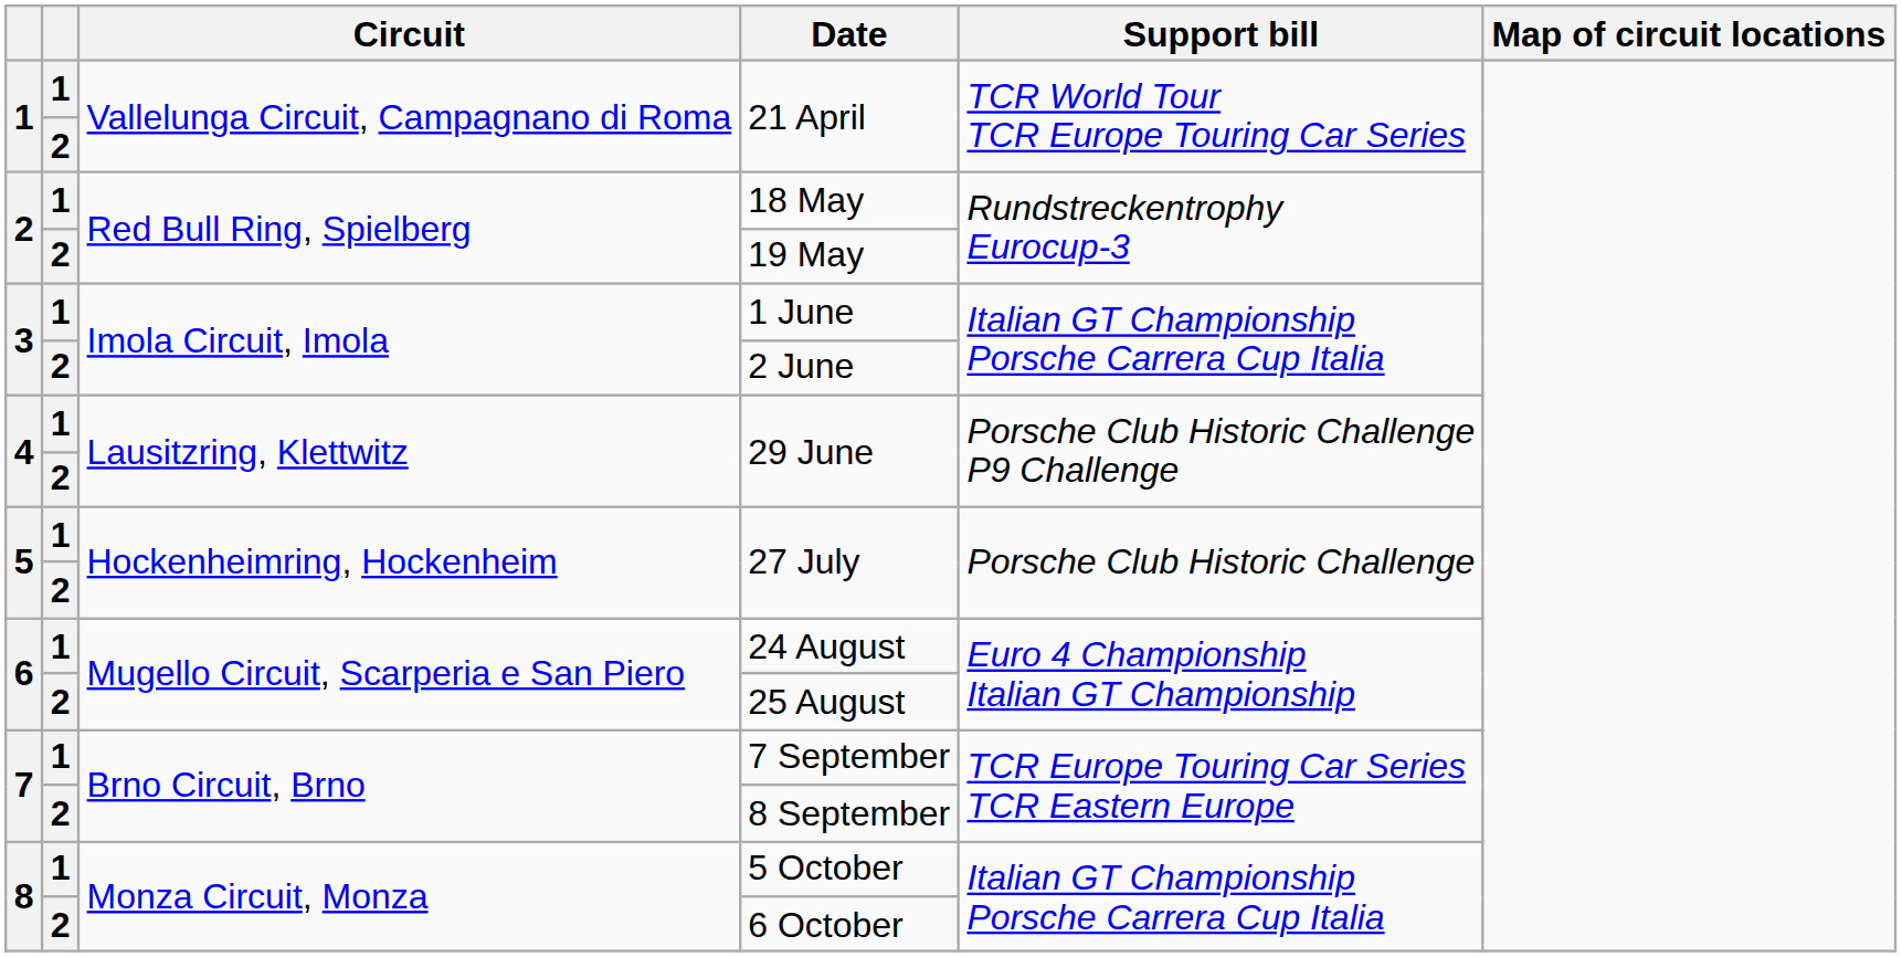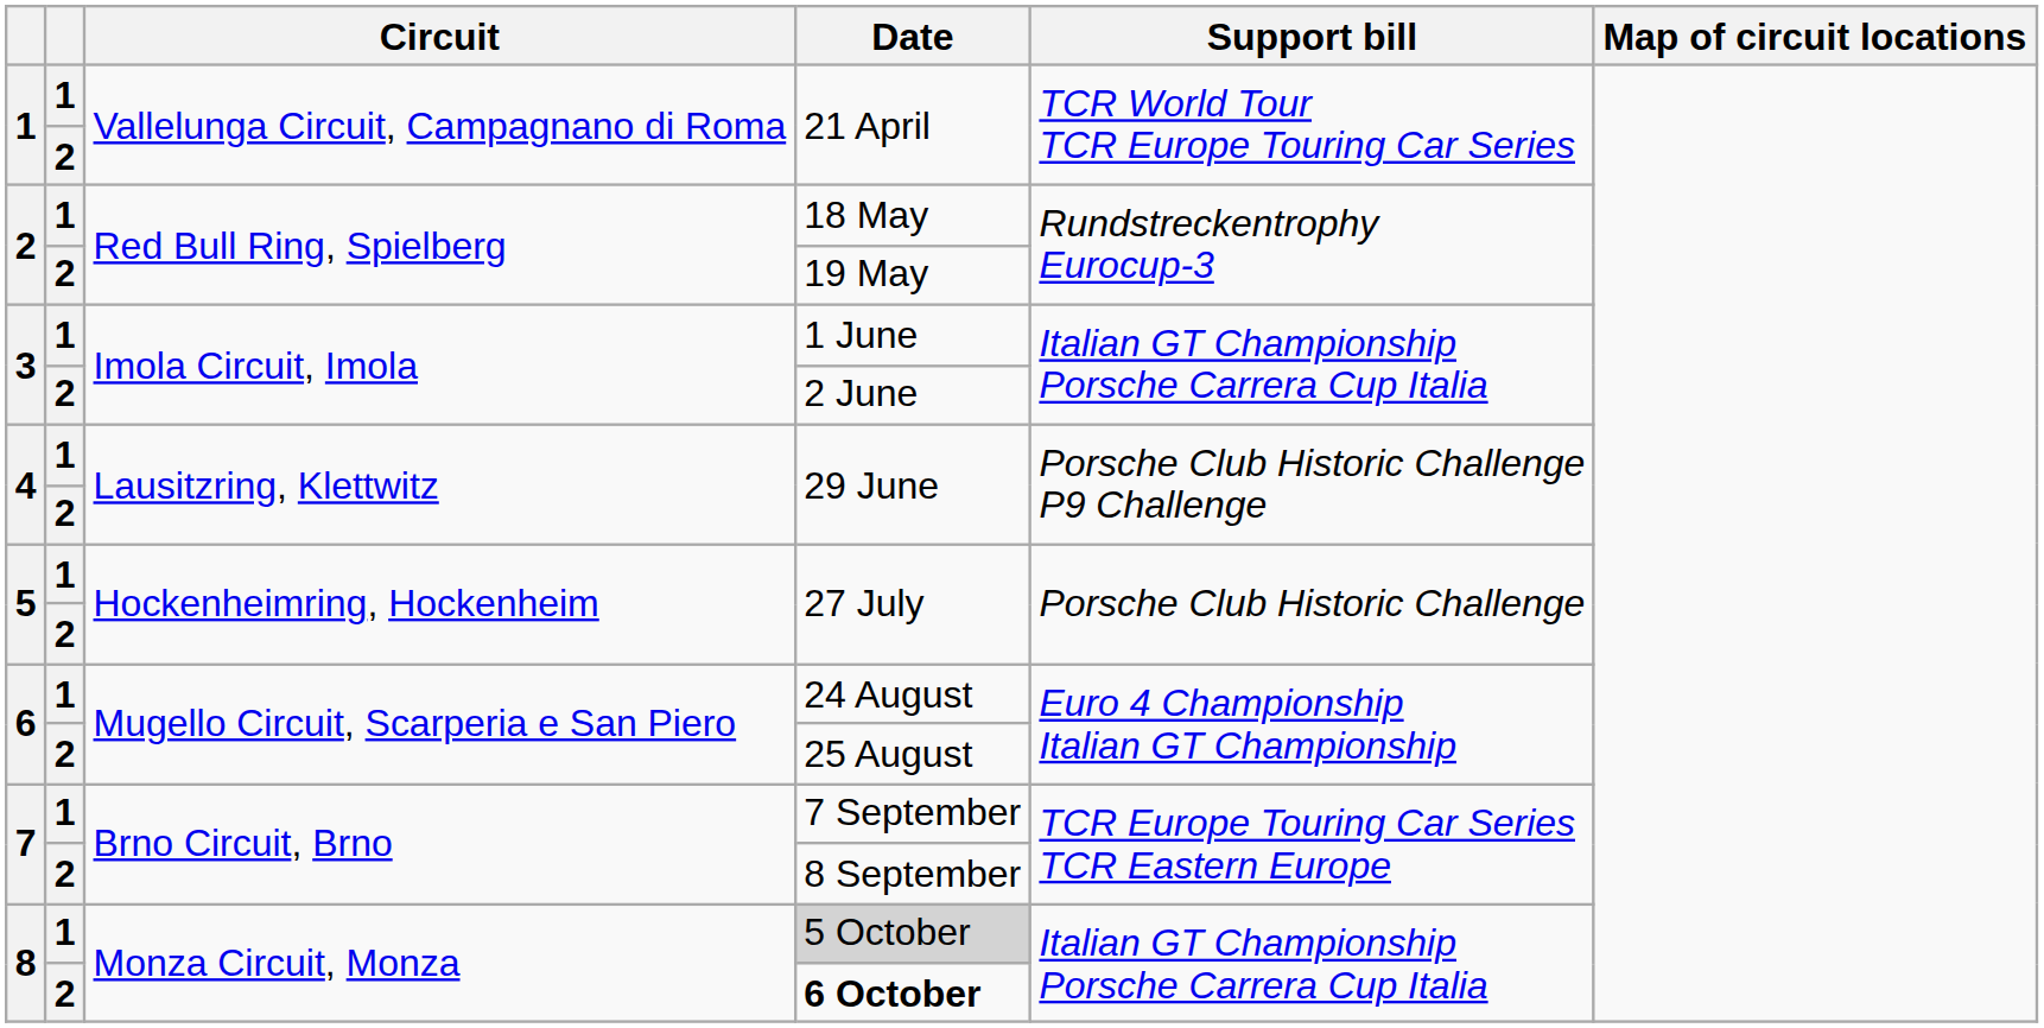 <table class="wikitable" style="font-size: 85%">
 <tr>
 <th></th>
 <th></th>
 <th>Circuit</th>
 <th>Date</th>
 <th>Support bill</th>
 <th>Map of circuit locations</th>
 </tr>
 <tr>
 <th rowspan="2">1</th>
 <th>1</th>
 <td rowspan="2"> <a href='#'>Vallelunga Circuit</a>, <a href='#'>Campagnano di Roma</a></td>
 <td rowspan="2">21 April</td>
 <td rowspan="2"><em><a href='#'>TCR World Tour</a><br><a href='#'>TCR Europe Touring Car Series</a></em></td>
 <td rowspan="16"></td>
 </tr>
 <tr>
 <th>2</th>
 </tr>
 <tr>
 <th rowspan="2">2</th>
 <th>1</th>
 <td rowspan="2"> <a href='#'>Red Bull Ring</a>, <a href='#'>Spielberg</a></td>
 <td>18 May</td>
 <td rowspan="2"><em>Rundstreckentrophy<br><a href='#'>Eurocup-3</a></em></td>
 </tr>
 <tr>
 <th>2</th>
 <td>19 May</td>
 </tr>
 <tr>
 <th rowspan="2">3</th>
 <th>1</th>
 <td rowspan="2"> <a href='#'>Imola Circuit</a>, <a href='#'>Imola</a></td>
 <td>1 June</td>
 <td rowspan="2"><em><a href='#'>Italian GT Championship</a><br><a href='#'>Porsche Carrera Cup Italia</a></em></td>
 </tr>
 <tr>
 <th>2</th>
 <td>2 June</td>
 </tr>
 <tr>
 <th rowspan="2">4</th>
 <th>1</th>
 <td rowspan="2"> <a href='#'>Lausitzring</a>, <a href='#'>Klettwitz</a></td>
 <td rowspan="2">29 June</td>
 <td rowspan="2"><em>Porsche Club Historic Challenge<br>P9 Challenge</em></td>
 </tr>
 <tr>
 <th>2</th>
 </tr>
 <tr>
 <th rowspan="2">5</th>
 <th>1</th>
 <td rowspan="2"> <a href='#'>Hockenheimring</a>, <a href='#'>Hockenheim</a></td>
 <td rowspan="2">27 July</td>
 <td rowspan="2"><em>Porsche Club Historic Challenge</em></td>
 </tr>
 <tr>
 <th>2</th>
 </tr>
 <tr>
 <th rowspan="2">6</th>
 <th>1</th>
 <td rowspan="2"> <a href='#'>Mugello Circuit</a>, <a href='#'>Scarperia e San Piero</a></td>
 <td>24 August</td>
 <td rowspan="2"><em><a href='#'>Euro 4 Championship</a><br><a href='#'>Italian GT Championship</a></em></td>
 </tr>
 <tr>
 <th>2</th>
 <td>25 August</td>
 </tr>
 <tr>
 <th rowspan="2">7</th>
 <th>1</th>
 <td rowspan="2"> <a href='#'>Brno Circuit</a>, <a href='#'>Brno</a></td>
 <td>7 September</td>
 <td rowspan="2"><em><a href='#'>TCR Europe Touring Car Series</a><br><a href='#'>TCR Eastern Europe</a></em></td>
 </tr>
 <tr>
 <th>2</th>
 <td>8 September</td>
 </tr>
 <tr>
 <th rowspan="2">8</th>
 <th>1</th>
 <td rowspan="2"> <a href='#'>Monza Circuit</a>, <a href='#'>Monza</a></td>
-<td>5 October</td>
+<td style="background: lightgrey;">5 October</td>
 <td rowspan="2"><em><a href='#'>Italian GT Championship</a><br><a href='#'>Porsche Carrera Cup Italia</a></em></td>
 </tr>
 <tr>
 <th>2</th>
-<td>6 October</td>
+<td><strong>6 October</strong></td>
 </tr>
 </table>
